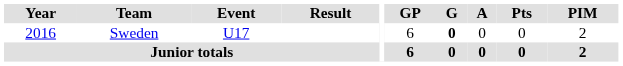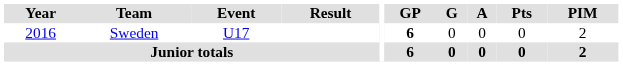 <table border="0" cellpadding="1" cellspacing="0" ID="Table3" style="text-align:center; width:40em">
 <tr ALIGN="center" bgcolor="#e0e0e0">
 <th>Year</th>
 <th>Team</th>
 <th>Event</th>
 <th>Result</th>
 <th rowspan="99" bgcolor="#ffffff"></th>
 <th>GP</th>
 <th>G</th>
 <th>A</th>
 <th>Pts</th>
 <th>PIM</th>
 </tr>
 <tr>
 <td><a href='#'>2016</a></td>
 <td><a href='#'>Sweden</a></td>
 <td><a href='#'>U17</a></td>
 <td></td>
-<td>6</td>
-<td><strong>0</strong></td>
+<td><strong>6</strong></td>
+<td>0</td>
 <td>0</td>
 <td>0</td>
 <td>2</td>
 </tr>
 <tr bgcolor="#e0e0e0">
 <th colspan="4">Junior totals</th>
 <th>6</th>
 <th>0</th>
 <th>0</th>
 <th>0</th>
 <th>2</th>
 </tr>
 </table>
